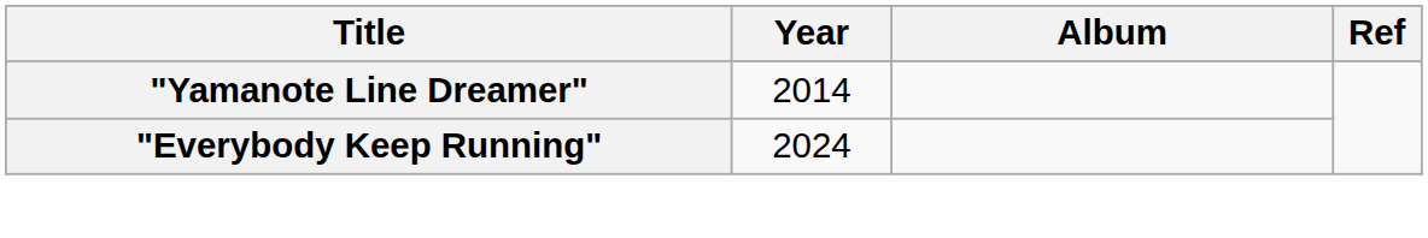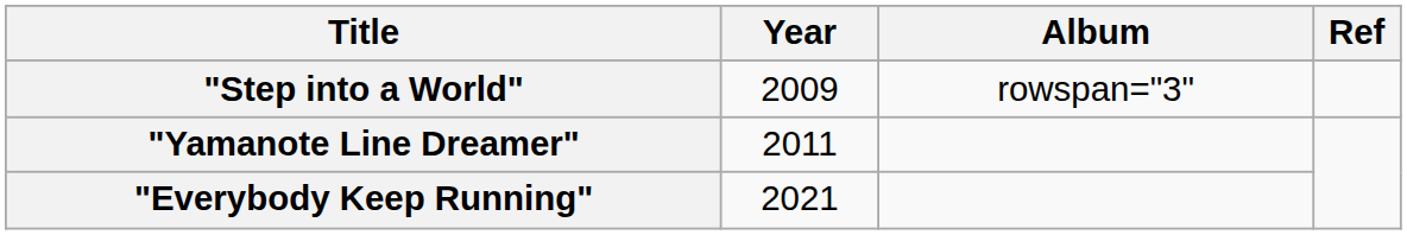 <table class="wikitable plainrowheaders" style="text-align:center">
 <tr>
 <th scope="col" style="width:20em;">Title</th>
 <th scope="col" style="width:4em;">Year</th>
 <th scope="col" style="width:12em;">Album</th>
 <th scope="col" style="width:2em;">Ref</th>
 </tr>
 <tr>
+<th scope="row">"Step into a World"<br></th>
+<td>2009</td>
+<td>rowspan="3" </td>
+<td></td>
+</tr>
+<tr>
 <th scope="row">"Yamanote Line Dreamer"<br></th>
-<td>2014</td>
+<td>2011</td>
 <td></td>
 </tr>
 <tr>
 <th scope="row">"Everybody Keep Running"<br></th>
-<td>2024</td>
+<td>2021</td>
 <td></td>
 </tr>
 </table>
